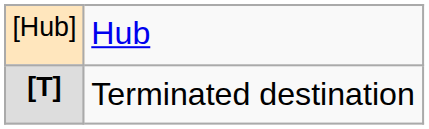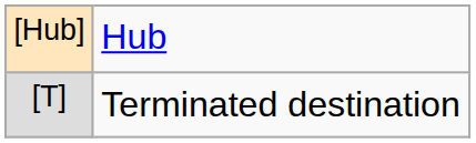 <table class="wikitable">
 <tr>
 <td style="background-color: #FFE6BD" align=center><sup>[Hub]</sup></td>
 <td><a href='#'>Hub</a></td>
 </tr>
 <tr>
-<td style="background:#DDDDDD" align=center><strong><sup>[T]</sup></strong></td>
+<td style="background:#DDDDDD" align=center><sup>[T]</sup></td>
 <td>Terminated destination</td>
 </tr>
 </table>
